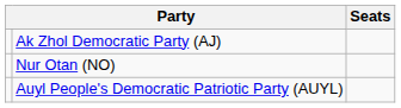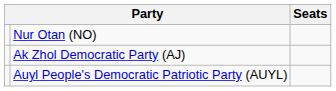 <table class="wikitable">
 <tr>
 <th colspan="2">Party</th>
 <th>Seats</th>
+</tr>
+<tr>
+<td></td>
+<td><a href='#'>Nur Otan</a> (NO)</td>
+<td style="text-align:center"></td>
 </tr>
 <tr>
 <td></td>
 <td><a href='#'>Ak Zhol Democratic Party</a> (AJ)</td>
 <td style="text-align:center"></td>
 </tr>
 <tr>
 <td></td>
-<td><a href='#'>Nur Otan</a> (NO)</td>
-<td style="text-align:center"></td>
-</tr>
-<tr>
-<td></td>
 <td><a href='#'>Auyl People's Democratic Patriotic Party</a> (AUYL)</td>
 <td style="text-align:center"></td>
 </tr>
 </table>
